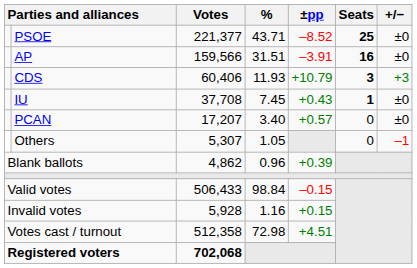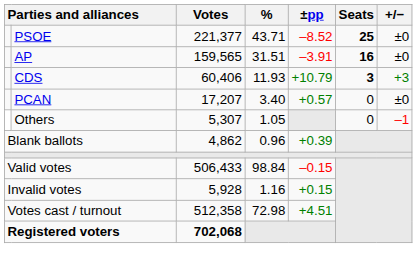 <table class="wikitable" style="text-align:right;">
 <tr>
 <th style="text-align:left;" colspan="2" width="200">Parties and alliances</th>
 <th width="75">Votes</th>
 <th width="45">%</th>
 <th width="45">±<a href='#'>pp</a></th>
 <th width="35">Seats</th>
 <th width="35">+/−</th>
 </tr>
 <tr>
 <td width="1" style="color:inherit;background:"></td>
 <td align="left"><a href='#'>PSOE</a></td>
 <td>221,377</td>
 <td>43.71</td>
 <td style="color:red;">–8.52</td>
 <td><strong>25</strong></td>
 <td>±0</td>
 </tr>
 <tr>
 <td style="color:inherit;background:"></td>
 <td align="left"><a href='#'>AP</a></td>
-<td>159,566</td>
+<td>159,565</td>
 <td>31.51</td>
 <td style="color:red;">–3.91</td>
 <td><strong>16</strong></td>
 <td>±0</td>
 </tr>
 <tr>
 <td style="color:inherit;background:"></td>
 <td align="left"><a href='#'>CDS</a></td>
 <td>60,406</td>
 <td>11.93</td>
 <td style="color:green;">+10.79</td>
 <td><strong>3</strong></td>
 <td style="color:green;">+3</td>
-</tr>
-<tr>
-<td style="color:inherit;background:"></td>
-<td align="left"><a href='#'>IU</a></td>
-<td>37,708</td>
-<td>7.45</td>
-<td style="color:green;">+0.43</td>
-<td><strong>1</strong></td>
-<td>±0</td>
 </tr>
 <tr>
 <td style="color:inherit;background:"></td>
 <td align="left"><a href='#'>PCAN</a></td>
 <td>17,207</td>
 <td>3.40</td>
 <td style="color:green;">+0.57</td>
 <td>0</td>
 <td>±0</td>
 </tr>
 <tr>
 <td bgcolor="white"></td>
 <td align="left">Others</td>
 <td>5,307</td>
 <td>1.05</td>
 <td bgcolor="#E9E9E9"></td>
 <td>0</td>
 <td style="color:red;">–1</td>
 </tr>
 <tr>
 <td align="left" colspan="2">Blank ballots</td>
 <td>4,862</td>
 <td>0.96</td>
 <td style="color:green;">+0.39</td>
 <td bgcolor="#E9E9E9" colspan="2"></td>
 </tr>
 <tr>
 <td colspan="7" bgcolor="#E9E9E9"></td>
 </tr>
 <tr>
 <td align="left" colspan="2">Valid votes</td>
 <td>506,433</td>
 <td>98.84</td>
 <td style="color:red;">–0.15</td>
 <td bgcolor="#E9E9E9" colspan="2" rowspan="4"></td>
 </tr>
 <tr>
 <td align="left" colspan="2">Invalid votes</td>
 <td>5,928</td>
 <td>1.16</td>
 <td style="color:green;">+0.15</td>
 </tr>
 <tr>
 <td align="left" colspan="2">Votes cast / turnout</td>
 <td>512,358</td>
 <td>72.98</td>
 <td style="color:green;">+4.51</td>
 </tr>
 <tr style="font-weight:bold;">
 <td align="left" colspan="2">Registered voters</td>
 <td>702,068</td>
 <td bgcolor="#E9E9E9" colspan="2"></td>
 </tr>
 </table>
